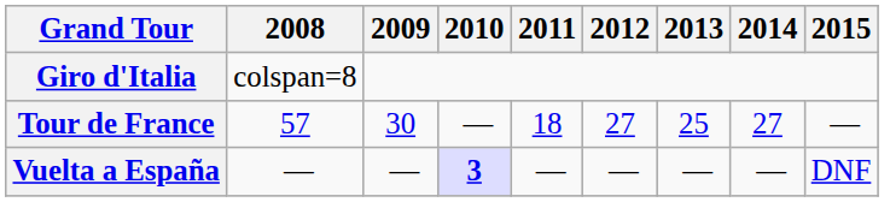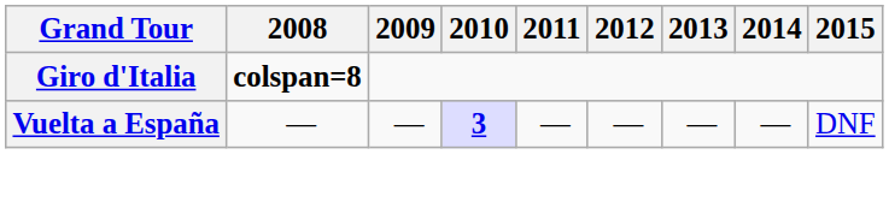 <table class="wikitable plainrowheaders">
 <tr>
 <th scope="col"><a href='#'>Grand Tour</a></th>
 <th scope="col">2008</th>
 <th scope="col">2009</th>
 <th scope="col">2010</th>
 <th scope="col">2011</th>
 <th scope="col">2012</th>
 <th scope="col">2013</th>
 <th scope="col">2014</th>
 <th scope="col">2015</th>
 </tr>
 <tr style="text-align:center;">
 <th scope="row"> <a href='#'>Giro d'Italia</a></th>
-<td>colspan=8 </td>
-</tr>
-<tr style="text-align:center;">
-<th scope="row"> <a href='#'>Tour de France</a></th>
-<td><a href='#'>57</a></td>
-<td><a href='#'>30</a></td>
-<td> —</td>
-<td><a href='#'>18</a></td>
-<td><a href='#'>27</a></td>
-<td><a href='#'>25</a></td>
-<td><a href='#'>27</a></td>
-<td> —</td>
+<td><strong>colspan=8 </strong></td>
 </tr>
 <tr style="text-align:center;">
 <th scope="row"> <a href='#'>Vuelta a España</a></th>
 <td> —</td>
 <td> —</td>
 <td style="background:#ddddff;"><strong><a href='#'>3</a></strong></td>
 <td> —</td>
 <td> —</td>
 <td> —</td>
 <td> —</td>
 <td><a href='#'>DNF</a></td>
 </tr>
 </table>
